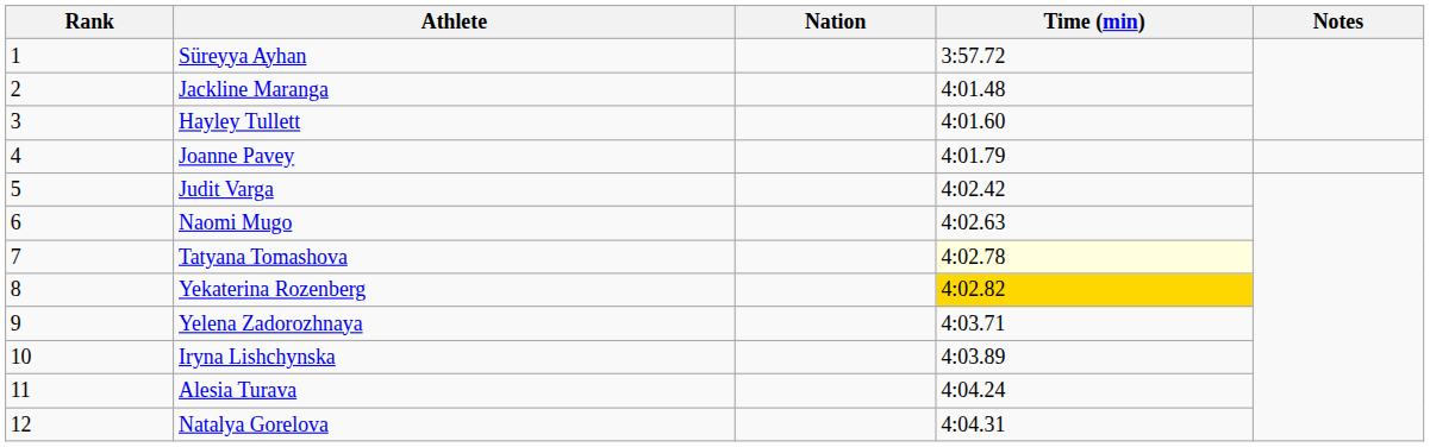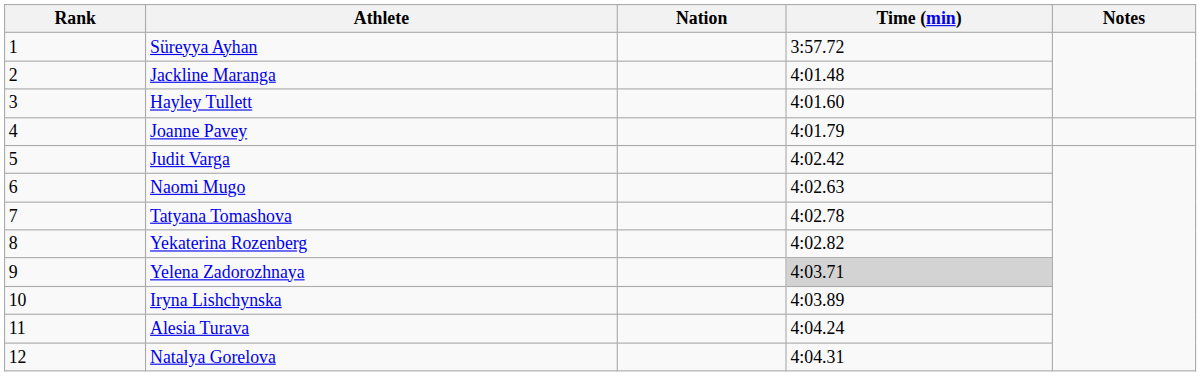 <table class="wikitable" style="text=align:center;" width=85%>
 <tr>
 <th>Rank</th>
 <th>Athlete</th>
 <th>Nation</th>
 <th>Time (<a href='#'>min</a>)</th>
 <th>Notes</th>
 </tr>
 <tr>
 <td>1</td>
 <td><a href='#'>Süreyya Ayhan</a></td>
 <td></td>
 <td>3:57.72</td>
 </tr>
 <tr>
 <td>2</td>
 <td><a href='#'>Jackline Maranga</a></td>
 <td></td>
 <td>4:01.48</td>
 </tr>
 <tr>
 <td>3</td>
 <td><a href='#'>Hayley Tullett</a></td>
 <td></td>
 <td>4:01.60</td>
 </tr>
 <tr>
 <td>4</td>
 <td><a href='#'>Joanne Pavey</a></td>
 <td></td>
 <td>4:01.79</td>
 <td></td>
 </tr>
 <tr>
 <td>5</td>
 <td><a href='#'>Judit Varga</a></td>
 <td></td>
 <td>4:02.42</td>
 </tr>
 <tr>
 <td>6</td>
 <td><a href='#'>Naomi Mugo</a></td>
 <td></td>
 <td>4:02.63</td>
 </tr>
 <tr>
 <td>7</td>
 <td><a href='#'>Tatyana Tomashova</a></td>
 <td></td>
-<td style="background: lightyellow;">4:02.78</td>
+<td>4:02.78</td>
 </tr>
 <tr>
 <td>8</td>
 <td><a href='#'>Yekaterina Rozenberg</a></td>
 <td></td>
-<td style="background: gold;">4:02.82</td>
+<td>4:02.82</td>
 </tr>
 <tr>
 <td>9</td>
 <td><a href='#'>Yelena Zadorozhnaya</a></td>
 <td></td>
-<td>4:03.71</td>
+<td style="background: lightgrey;">4:03.71</td>
 </tr>
 <tr>
 <td>10</td>
 <td><a href='#'>Iryna Lishchynska</a></td>
 <td></td>
 <td>4:03.89</td>
 </tr>
 <tr>
 <td>11</td>
 <td><a href='#'>Alesia Turava</a></td>
 <td></td>
 <td>4:04.24</td>
 </tr>
 <tr>
 <td>12</td>
 <td><a href='#'>Natalya Gorelova</a></td>
 <td></td>
 <td>4:04.31</td>
 </tr>
 </table>
